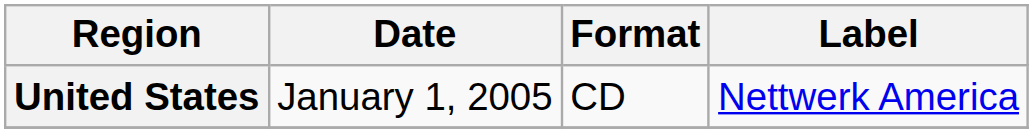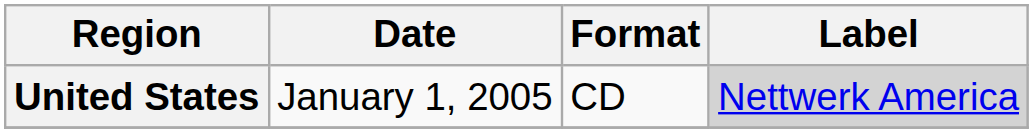 <table class="wikitable plainrowheaders">
 <tr>
 <th scope="col">Region</th>
 <th scope="col">Date</th>
 <th scope="col">Format</th>
 <th scope="col">Label</th>
 </tr>
 <tr>
 <th scope="row">United States</th>
 <td>January 1, 2005</td>
 <td>CD</td>
-<td><a href='#'>Nettwerk America</a></td>
+<td style="background: lightgrey;"><a href='#'>Nettwerk America</a></td>
 </tr>
 <tr>
 </tr>
 </table>
